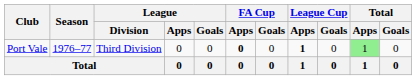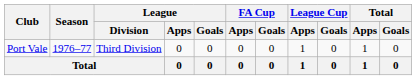 <table class="wikitable" style="text-align:center">
 <tr>
 <th rowspan="2">Club</th>
 <th rowspan="2">Season</th>
 <th colspan="3">League</th>
 <th colspan="2"><a href='#'>FA Cup</a></th>
 <th colspan="2"><a href='#'>League Cup</a></th>
 <th colspan="2">Total</th>
 </tr>
 <tr>
 <th>Division</th>
 <th>Apps</th>
 <th>Goals</th>
 <th>Apps</th>
 <th>Goals</th>
 <th>Apps</th>
 <th>Goals</th>
 <th>Apps</th>
 <th>Goals</th>
 </tr>
 <tr>
 <td><a href='#'>Port Vale</a></td>
 <td><a href='#'>1976–77</a></td>
 <td><a href='#'>Third Division</a></td>
 <td>0</td>
 <td>0</td>
-<td><strong>0</strong></td>
 <td>0</td>
-<td><strong>1</strong></td>
 <td>0</td>
-<td style="background: lightgreen;">1</td>
+<td>1</td>
+<td>0</td>
+<td>1</td>
 <td>0</td>
 </tr>
 <tr>
 <th colspan="3">Total</th>
 <th>0</th>
 <th>0</th>
 <th>0</th>
 <th>0</th>
 <th>1</th>
 <th>0</th>
 <th>1</th>
 <th>0</th>
 </tr>
 </table>
